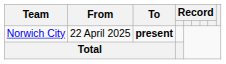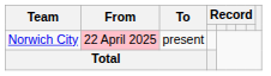 <table class="wikitable" style="text-align: center;">
 <tr>
 <th rowspan="2">Team</th>
 <th rowspan="2">From</th>
 <th rowspan="2">To</th>
 <th colspan="5">Record</th>
 <th rowspan="2"></th>
 </tr>
 <tr>
 <th></th>
 <th></th>
 <th></th>
 <th></th>
 <th></th>
 </tr>
 <tr>
 <td align="left"><a href='#'>Norwich City</a></td>
-<td align="left">22 April 2025</td>
-<td align="left"><strong>present<br></strong></td>
+<td align="left" style="background: pink;">22 April 2025</td>
+<td align="left">present<br></td>
 <td></td>
 </tr>
 <tr>
 <th colspan="3">Total<br></th>
 <th></th>
 </tr>
 </table>
